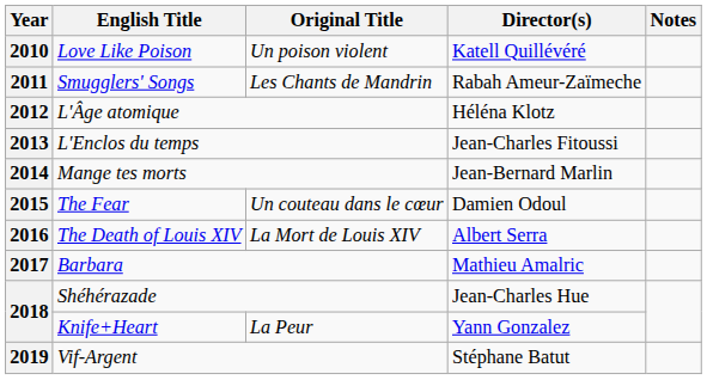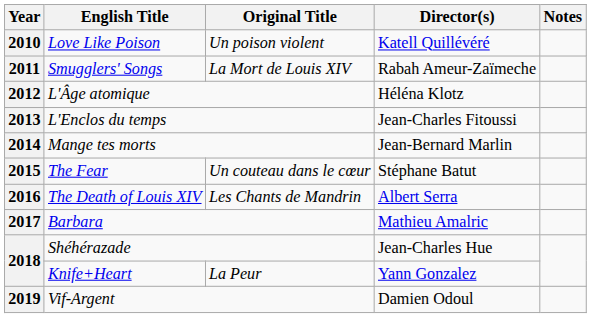 <table class="wikitable">
 <tr>
 <th>Year</th>
 <th>English Title</th>
 <th>Original Title</th>
 <th>Director(s)</th>
 <th>Notes</th>
 </tr>
 <tr>
 <th>2010</th>
 <td><em><a href='#'>Love Like Poison</a></em></td>
 <td><em>Un poison violent</em></td>
 <td><a href='#'>Katell Quillévéré</a></td>
 <td></td>
 </tr>
 <tr>
 <th>2011</th>
 <td><em><a href='#'>Smugglers' Songs</a></em></td>
-<td><em>Les Chants de Mandrin</em></td>
+<td><em>La Mort de Louis XIV</em></td>
 <td>Rabah Ameur-Zaïmeche</td>
 <td></td>
 </tr>
 <tr>
 <th>2012</th>
 <td colspan="2"><em>L'Âge atomique</em></td>
 <td>Héléna Klotz</td>
 <td></td>
 </tr>
 <tr>
 <th>2013</th>
 <td colspan="2"><em>L'Enclos du temps</em></td>
 <td>Jean-Charles Fitoussi</td>
 <td></td>
 </tr>
 <tr>
 <th>2014</th>
 <td colspan="2"><em>Mange tes morts</em></td>
 <td>Jean-Bernard Marlin</td>
 <td></td>
 </tr>
 <tr>
 <th>2015</th>
 <td><a href='#'><em>The Fear</em></a></td>
 <td><em>Un couteau dans le cœur</em></td>
-<td>Damien Odoul</td>
+<td>Stéphane Batut</td>
 <td></td>
 </tr>
 <tr>
 <th>2016</th>
 <td><em><a href='#'>The Death of Louis XIV</a></em></td>
-<td><em>La Mort de Louis XIV</em></td>
+<td><em>Les Chants de Mandrin</em></td>
 <td><a href='#'>Albert Serra</a></td>
 <td></td>
 </tr>
 <tr>
 <th>2017</th>
 <td colspan="2"><em><a href='#'>Barbara</a></em></td>
 <td><a href='#'>Mathieu Amalric</a></td>
 <td></td>
 </tr>
 <tr>
 <th rowspan="2">2018</th>
 <td colspan="2"><em>Shéhérazade</em></td>
 <td>Jean-Charles Hue</td>
 <td rowspan=2></td>
 </tr>
 <tr>
 <td><em><a href='#'>Knife+Heart</a></em></td>
 <td><em>La Peur</em></td>
 <td><a href='#'>Yann Gonzalez</a></td>
 </tr>
 <tr>
 <th>2019</th>
 <td colspan="2"><em>Vif-Argent</em></td>
-<td>Stéphane Batut</td>
+<td>Damien Odoul</td>
 <td></td>
 </tr>
 </table>
